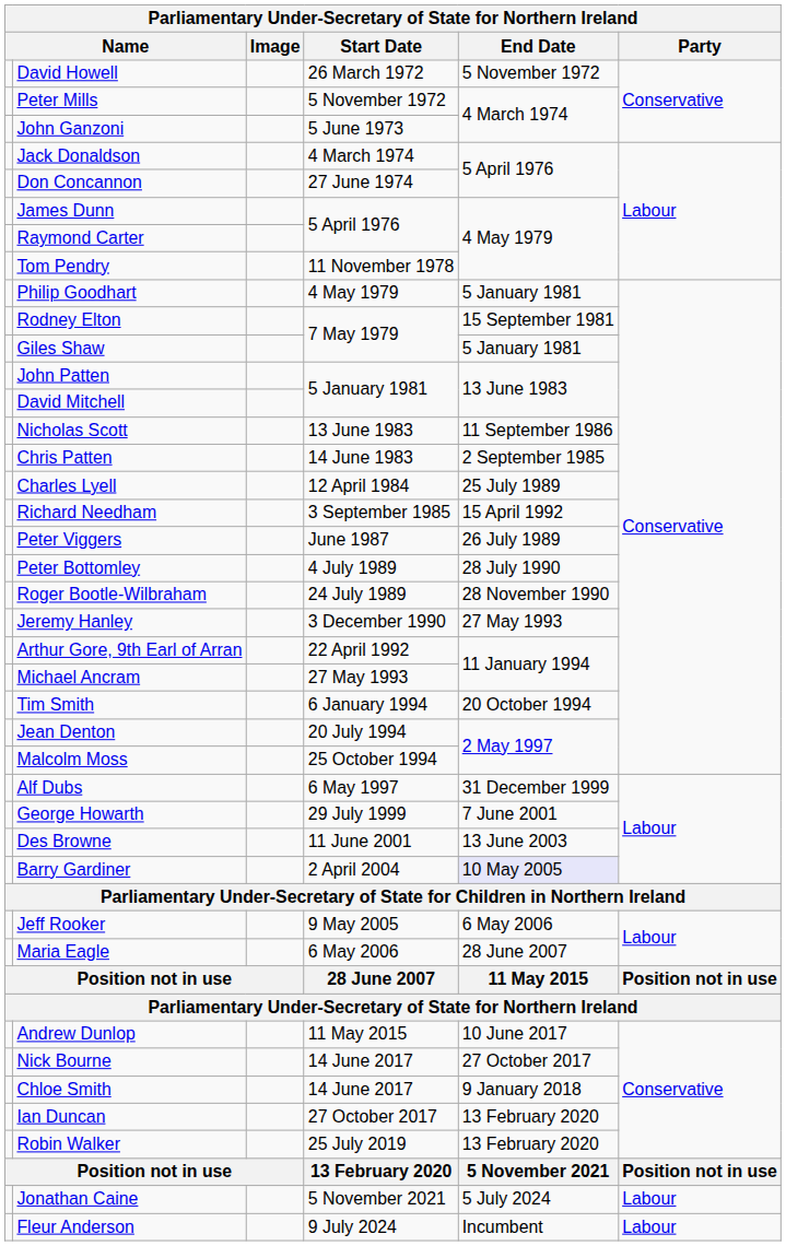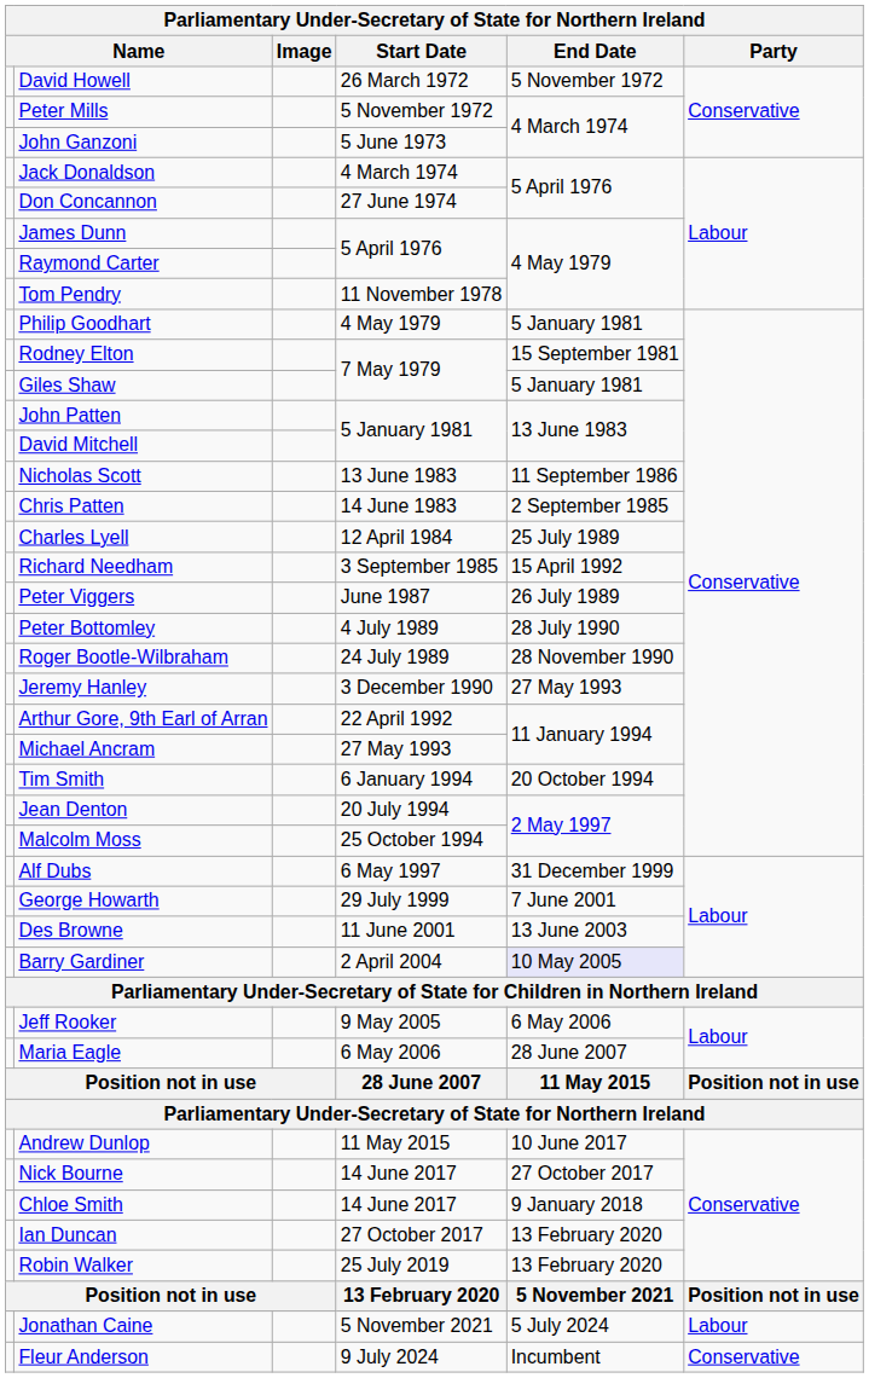 <table class="wikitable">
 <tr>
 <th colspan="6">Parliamentary Under-Secretary of State for Northern Ireland</th>
 </tr>
 <tr>
 <th colspan="2">Name</th>
 <th>Image</th>
 <th>Start Date</th>
 <th>End Date</th>
 <th>Party</th>
 </tr>
 <tr>
 <td style="background-color: "></td>
 <td><a href='#'>David Howell</a><br></td>
 <td></td>
 <td>26 March 1972</td>
 <td>5 November 1972</td>
 <td rowspan="3"><a href='#'>Conservative</a></td>
 </tr>
 <tr>
 <td style="background-color: "></td>
 <td><a href='#'>Peter Mills</a><br></td>
 <td></td>
 <td>5 November 1972</td>
 <td rowspan="2">4 March 1974</td>
 </tr>
 <tr>
 <td style="background-color: "></td>
 <td><a href='#'>John Ganzoni</a><br></td>
 <td></td>
 <td>5 June 1973</td>
 </tr>
 <tr>
 <td style="background-color: "></td>
 <td><a href='#'>Jack Donaldson</a><br></td>
 <td></td>
 <td>4 March 1974</td>
 <td rowspan="2">5 April 1976</td>
 <td rowspan="5"><a href='#'>Labour</a></td>
 </tr>
 <tr>
 <td style="background-color: "></td>
 <td><a href='#'>Don Concannon</a><br></td>
 <td></td>
 <td>27 June 1974</td>
 </tr>
 <tr>
 <td style="background-color: "></td>
 <td><a href='#'>James Dunn</a><br></td>
 <td></td>
 <td rowspan="2">5 April 1976</td>
 <td rowspan="3">4 May 1979</td>
 </tr>
 <tr>
 <td style="background-color: "></td>
 <td><a href='#'>Raymond Carter</a><br></td>
 <td></td>
 </tr>
 <tr>
 <td style="background-color: "></td>
 <td><a href='#'>Tom Pendry</a><br></td>
 <td></td>
 <td>11 November 1978</td>
 </tr>
 <tr>
 <td style="background-color: "></td>
 <td><a href='#'>Philip Goodhart</a><br></td>
 <td></td>
 <td>4 May 1979</td>
 <td>5 January 1981</td>
 <td rowspan="18"><a href='#'>Conservative</a></td>
 </tr>
 <tr>
 <td style="background-color: "></td>
 <td><a href='#'>Rodney Elton</a><br></td>
 <td></td>
 <td rowspan="2">7 May 1979</td>
 <td>15 September 1981</td>
 </tr>
 <tr>
 <td style="background-color: "></td>
 <td><a href='#'>Giles Shaw</a><br></td>
 <td></td>
 <td>5 January 1981</td>
 </tr>
 <tr>
 <td style="background-color: "></td>
 <td><a href='#'>John Patten</a><br></td>
 <td></td>
 <td rowspan="2">5 January 1981</td>
 <td rowspan="2">13 June 1983</td>
 </tr>
 <tr>
 <td style="background-color: "></td>
 <td><a href='#'>David Mitchell</a><br></td>
 <td></td>
 </tr>
 <tr>
 <td style="background-color: "></td>
 <td><a href='#'>Nicholas Scott</a><br></td>
 <td></td>
 <td>13 June 1983</td>
 <td>11 September 1986</td>
 </tr>
 <tr>
 <td style="background-color: "></td>
 <td><a href='#'>Chris Patten</a><br></td>
 <td></td>
 <td>14 June 1983</td>
 <td>2 September 1985</td>
 </tr>
 <tr>
 <td style="background-color: "></td>
 <td><a href='#'>Charles Lyell</a><br></td>
 <td></td>
 <td>12 April 1984</td>
 <td>25 July 1989</td>
 </tr>
 <tr>
 <td style="background-color: "></td>
 <td><a href='#'>Richard Needham</a><br></td>
 <td></td>
 <td>3 September 1985</td>
 <td>15 April 1992</td>
 </tr>
 <tr>
 <td style="background-color: "></td>
 <td><a href='#'>Peter Viggers</a><br></td>
 <td></td>
 <td>June 1987</td>
 <td>26 July 1989</td>
 </tr>
 <tr>
 <td style="background-color: "></td>
 <td><a href='#'>Peter Bottomley</a><br></td>
 <td></td>
 <td>4 July 1989</td>
 <td>28 July 1990</td>
 </tr>
 <tr>
 <td style="background-color: "></td>
 <td><a href='#'>Roger Bootle-Wilbraham</a><br></td>
 <td></td>
 <td>24 July 1989</td>
 <td>28 November 1990</td>
 </tr>
 <tr>
 <td style="background-color: "></td>
 <td><a href='#'>Jeremy Hanley</a><br></td>
 <td></td>
 <td>3 December 1990</td>
 <td>27 May 1993</td>
 </tr>
 <tr>
 <td style="background-color: "></td>
 <td><a href='#'>Arthur Gore, 9th Earl of Arran</a><br></td>
 <td></td>
 <td>22 April 1992</td>
 <td rowspan="2">11 January 1994</td>
 </tr>
 <tr>
 <td style="background-color: "></td>
 <td><a href='#'>Michael Ancram</a><br></td>
 <td></td>
 <td>27 May 1993</td>
 </tr>
 <tr>
 <td style="background-color: "></td>
 <td><a href='#'>Tim Smith</a><br></td>
 <td></td>
 <td>6 January 1994</td>
 <td>20 October 1994</td>
 </tr>
 <tr>
 <td style="background-color: "></td>
 <td><a href='#'>Jean Denton</a><br></td>
 <td></td>
 <td>20 July 1994</td>
 <td rowspan="2"><a href='#'>2 May 1997</a></td>
 </tr>
 <tr>
 <td style="background-color: "></td>
 <td><a href='#'>Malcolm Moss</a><br></td>
 <td></td>
 <td>25 October 1994</td>
 </tr>
 <tr>
 <td style="background-color: "></td>
 <td><a href='#'>Alf Dubs</a><br></td>
 <td></td>
 <td>6 May 1997</td>
 <td>31 December 1999</td>
 <td rowspan="4"><a href='#'>Labour</a></td>
 </tr>
 <tr>
 <td style="background-color: "></td>
 <td><a href='#'>George Howarth</a><br></td>
 <td></td>
 <td>29 July 1999</td>
 <td>7 June 2001</td>
 </tr>
 <tr>
 <td style="background-color: "></td>
 <td><a href='#'>Des Browne</a><br></td>
 <td></td>
 <td>11 June 2001</td>
 <td>13 June 2003</td>
 </tr>
 <tr>
 <td style="background-color: "></td>
 <td><a href='#'>Barry Gardiner</a><br></td>
 <td></td>
 <td>2 April 2004</td>
 <td style="background: lavender;">10 May 2005</td>
 </tr>
 <tr>
 <th colspan="6">Parliamentary Under-Secretary of State for Children in Northern Ireland</th>
 </tr>
 <tr>
 <td style="background-color: "></td>
 <td><a href='#'>Jeff Rooker</a><br></td>
 <td></td>
 <td>9 May 2005</td>
 <td>6 May 2006</td>
 <td rowspan="2"><a href='#'>Labour</a></td>
 </tr>
 <tr>
 <td style="background-color: "></td>
 <td><a href='#'>Maria Eagle</a><br></td>
 <td></td>
 <td>6 May 2006</td>
 <td>28 June 2007</td>
 </tr>
 <tr>
 <th colspan="3">Position not in use</th>
 <th>28 June 2007</th>
 <th>11 May 2015</th>
 <th>Position not in use</th>
 </tr>
 <tr>
 <th colspan="6">Parliamentary Under-Secretary of State for Northern Ireland</th>
 </tr>
 <tr>
 <td style="background-color: "></td>
 <td><a href='#'>Andrew Dunlop</a><br></td>
 <td></td>
 <td>11 May 2015</td>
 <td>10 June 2017</td>
 <td rowspan="5"><a href='#'>Conservative</a></td>
 </tr>
 <tr>
 <td style="background-color: "></td>
 <td><a href='#'>Nick Bourne</a><br></td>
 <td></td>
 <td>14 June 2017</td>
 <td>27 October 2017</td>
 </tr>
 <tr>
 <td style="background-color: "></td>
 <td><a href='#'>Chloe Smith</a><br></td>
 <td></td>
 <td>14 June 2017</td>
 <td>9 January 2018</td>
 </tr>
 <tr>
 <td style="background-color: "></td>
 <td><a href='#'>Ian Duncan</a><br></td>
 <td></td>
 <td>27 October 2017</td>
 <td>13 February 2020</td>
 </tr>
 <tr>
 <td style="background-color: "></td>
 <td><a href='#'>Robin Walker</a><br></td>
 <td></td>
 <td>25 July 2019</td>
 <td>13 February 2020</td>
 </tr>
 <tr>
 <th colspan="3">Position not in use</th>
 <th>13 February 2020</th>
 <th>5 November 2021</th>
 <th>Position not in use</th>
 </tr>
 <tr>
 <td style="background-color: "></td>
 <td><a href='#'>Jonathan Caine</a><br></td>
 <td></td>
 <td>5 November 2021</td>
 <td>5 July 2024</td>
 <td><a href='#'>Labour</a></td>
 </tr>
 <tr>
 <td style="background-color: "></td>
 <td><a href='#'>Fleur Anderson</a><br></td>
 <td></td>
 <td>9 July 2024</td>
 <td>Incumbent</td>
-<td><a href='#'>Labour</a></td>
+<td><a href='#'>Conservative</a></td>
 </tr>
 </table>
